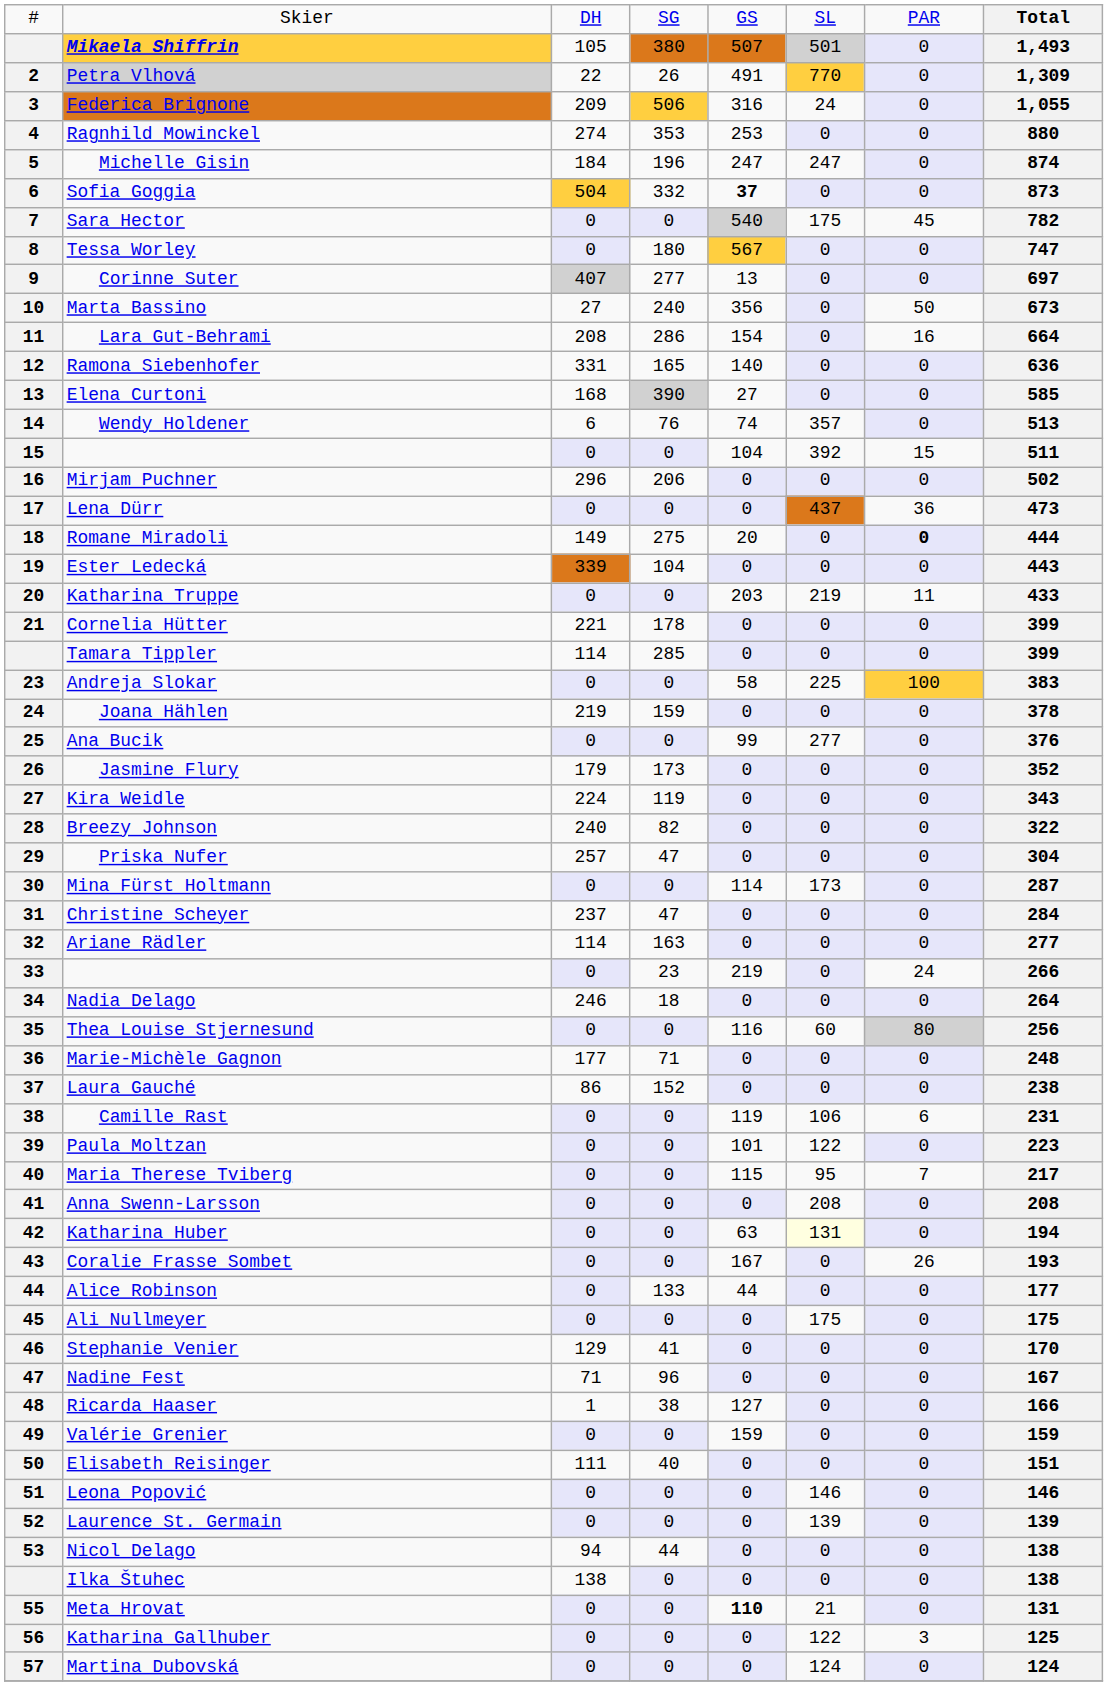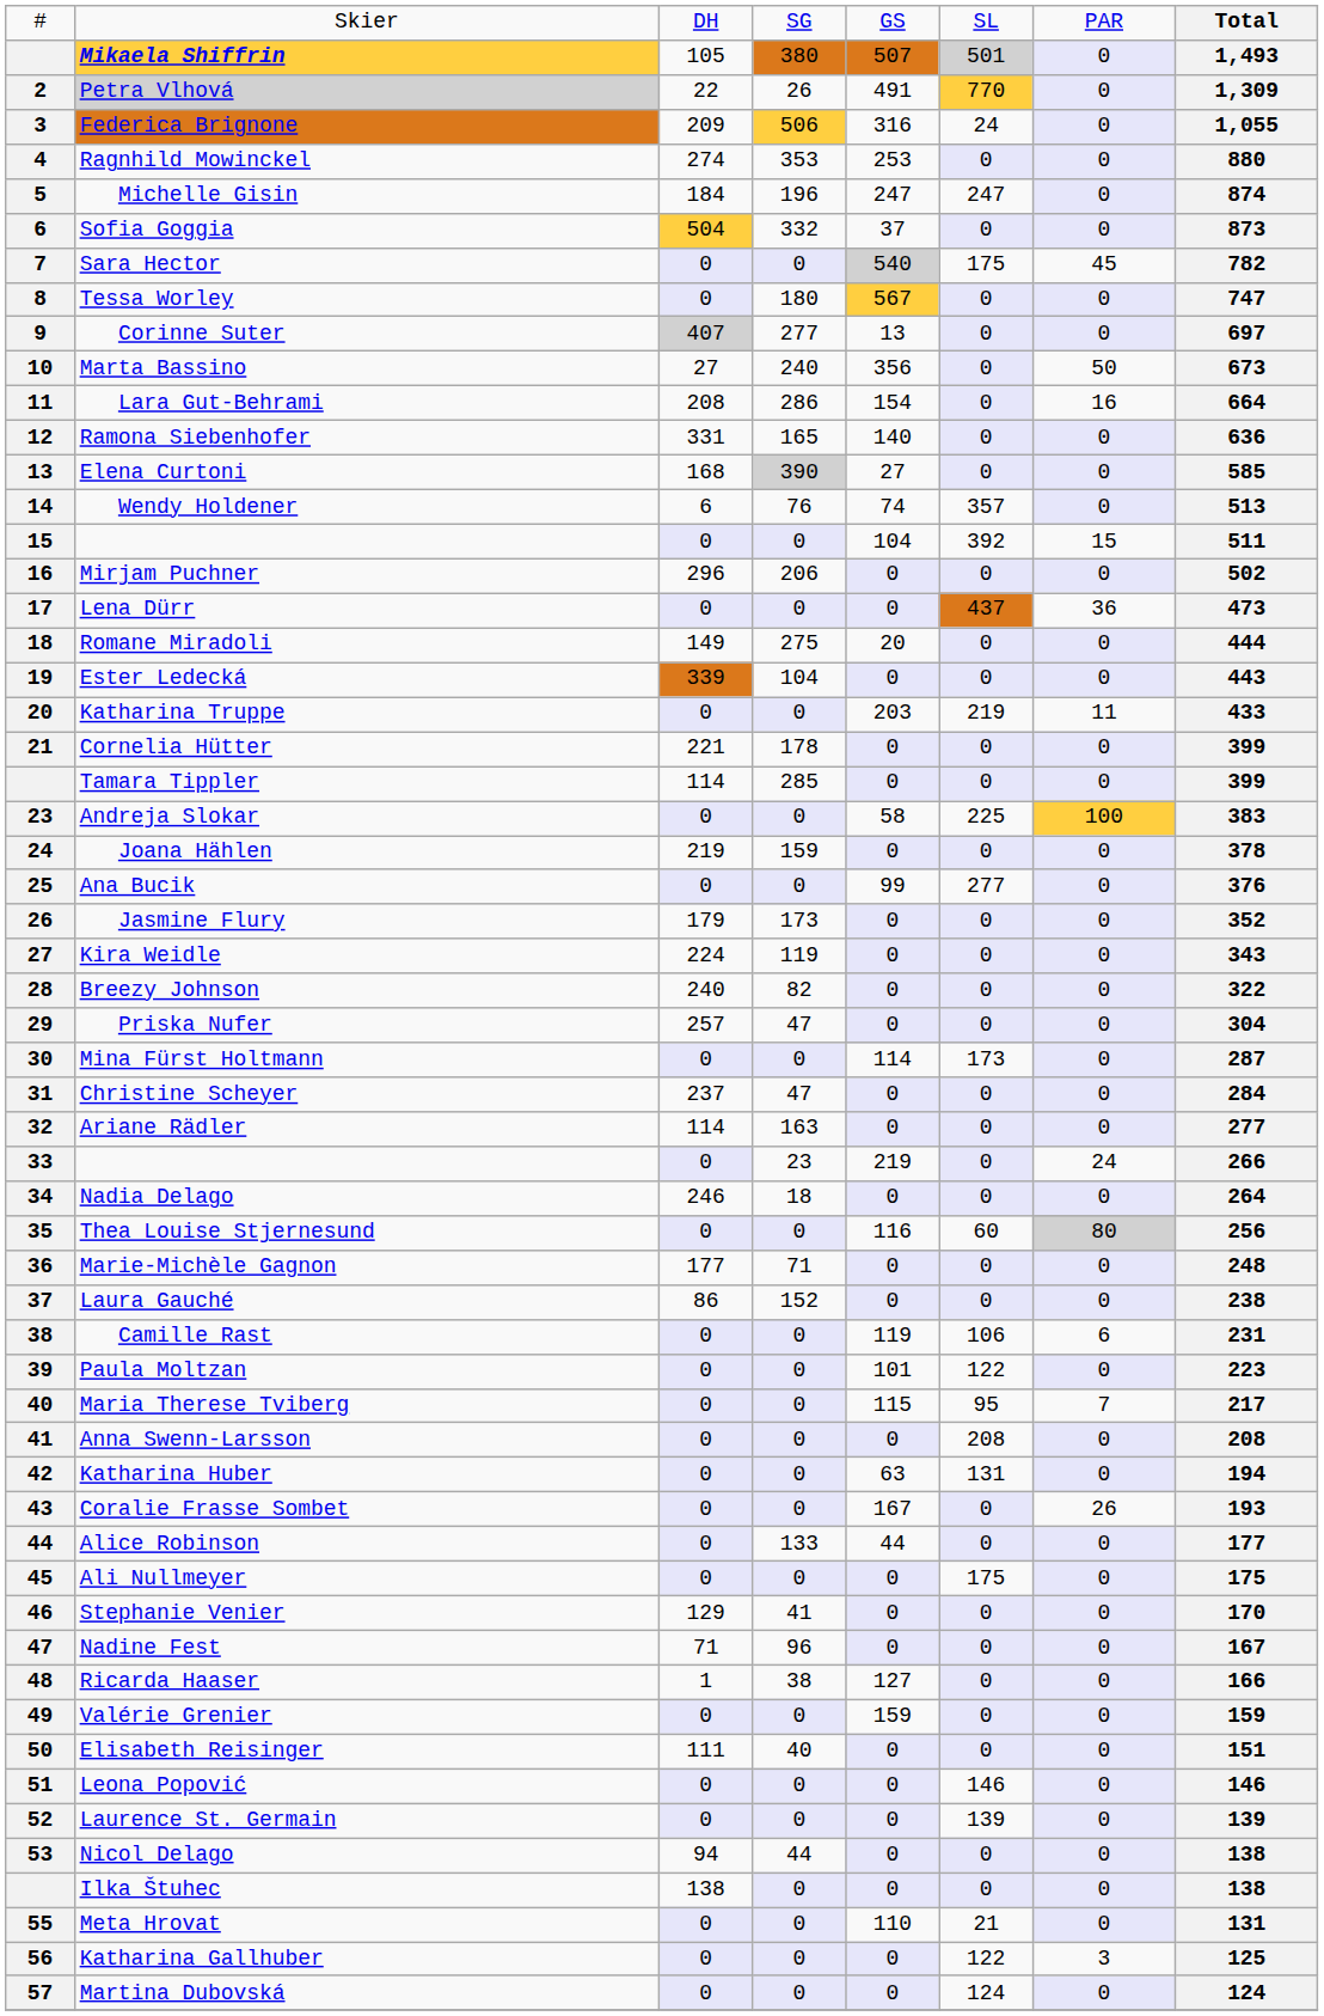 <table class="wikitable sortable" width=60% style="font-size:95%; text-align:center;">
 <tr>
 <td>#</td>
 <td>Skier</td>
 <td><a href='#'>DH</a><br></td>
 <td><a href='#'>SG</a><br></td>
 <td><a href='#'>GS</a><br></td>
 <td><a href='#'>SL</a><br></td>
 <td> <a href='#'>PAR</a> <br></td>
 <th>Total</th>
 </tr>
 <tr>
 <th></th>
 <td align=left bgcolor=ffcf40> <strong><em><a href='#'>Mikaela Shiffrin</a></em></strong></td>
 <td>105</td>
 <td bgcolor=db781b>380</td>
 <td bgcolor=db781b>507</td>
 <td bgcolor=d1d1d1>501</td>
 <td bgcolor=lavender>0</td>
 <th>1,493</th>
 </tr>
 <tr>
 <th>2</th>
 <td align=left bgcolor=d1d1d1> <a href='#'>Petra Vlhová</a></td>
 <td>22</td>
 <td>26</td>
 <td>491</td>
 <td bgcolor=ffcf40>770</td>
 <td bgcolor=lavender>0</td>
 <th>1,309</th>
 </tr>
 <tr>
 <th>3</th>
 <td align=left bgcolor=db781b> <a href='#'>Federica Brignone</a></td>
 <td>209</td>
 <td bgcolor=ffcf40>506</td>
 <td>316</td>
 <td>24</td>
 <td bgcolor=lavender>0</td>
 <th>1,055</th>
 </tr>
 <tr>
 <th>4</th>
 <td align=left> <a href='#'>Ragnhild Mowinckel</a></td>
 <td>274</td>
 <td>353</td>
 <td>253</td>
 <td bgcolor=lavender>0</td>
 <td bgcolor=lavender>0</td>
 <th>880</th>
 </tr>
 <tr>
 <th>5</th>
 <td align=left>   <a href='#'>Michelle Gisin</a></td>
 <td>184</td>
 <td>196</td>
 <td>247</td>
 <td>247</td>
 <td bgcolor=lavender>0</td>
 <th>874</th>
 </tr>
 <tr>
 <th>6</th>
 <td align=left> <a href='#'>Sofia Goggia</a></td>
 <td bgcolor=ffcf40>504</td>
 <td>332</td>
-<td><strong>37</strong></td>
+<td>37</td>
 <td bgcolor=lavender>0</td>
 <td bgcolor=lavender>0</td>
 <th>873</th>
 </tr>
 <tr>
 <th>7</th>
 <td align=left> <a href='#'>Sara Hector</a></td>
 <td bgcolor=lavender>0</td>
 <td bgcolor=lavender>0</td>
 <td bgcolor=d1d1d1>540</td>
 <td>175</td>
 <td>45</td>
 <th>782</th>
 </tr>
 <tr>
 <th>8</th>
 <td align=left> <a href='#'>Tessa Worley</a></td>
 <td bgcolor=lavender>0</td>
 <td>180</td>
 <td bgcolor=ffcf40>567</td>
 <td bgcolor=lavender>0</td>
 <td bgcolor=lavender>0</td>
 <th>747</th>
 </tr>
 <tr>
 <th>9</th>
 <td align=left>   <a href='#'>Corinne Suter</a></td>
 <td bgcolor=d1d1d1>407</td>
 <td>277</td>
 <td>13</td>
 <td bgcolor=lavender>0</td>
 <td bgcolor=lavender>0</td>
 <th>697</th>
 </tr>
 <tr>
 <th>10</th>
 <td align=left> <a href='#'>Marta Bassino</a></td>
 <td>27</td>
 <td>240</td>
 <td>356</td>
 <td bgcolor=lavender>0</td>
 <td>50</td>
 <th>673</th>
 </tr>
 <tr>
 <th>11</th>
 <td align=left>   <a href='#'>Lara Gut-Behrami</a></td>
 <td>208</td>
 <td>286</td>
 <td>154</td>
 <td bgcolor=lavender>0</td>
 <td>16</td>
 <th>664</th>
 </tr>
 <tr>
 <th>12</th>
 <td align=left> <a href='#'>Ramona Siebenhofer</a></td>
 <td>331</td>
 <td>165</td>
 <td>140</td>
 <td bgcolor=lavender>0</td>
 <td bgcolor=lavender>0</td>
 <th>636</th>
 </tr>
 <tr>
 <th>13</th>
 <td align=left> <a href='#'>Elena Curtoni</a></td>
 <td>168</td>
 <td bgcolor=d1d1d1>390</td>
 <td>27</td>
 <td bgcolor=lavender>0</td>
 <td bgcolor=lavender>0</td>
 <th>585</th>
 </tr>
 <tr>
 <th>14</th>
 <td align=left>   <a href='#'>Wendy Holdener</a></td>
 <td>6</td>
 <td>76</td>
 <td>74</td>
 <td>357</td>
 <td bgcolor=lavender>0</td>
 <th>513</th>
 </tr>
 <tr>
 <th>15</th>
 <td align=left></td>
 <td bgcolor=lavender>0</td>
 <td bgcolor=lavender>0</td>
 <td>104</td>
 <td>392</td>
 <td>15</td>
 <th>511</th>
 </tr>
 <tr>
 <th>16</th>
 <td align=left> <a href='#'>Mirjam Puchner</a></td>
 <td>296</td>
 <td>206</td>
 <td bgcolor=lavender>0</td>
 <td bgcolor=lavender>0</td>
 <td bgcolor=lavender>0</td>
 <th>502</th>
 </tr>
 <tr>
 <th>17</th>
 <td align=left> <a href='#'>Lena Dürr</a></td>
 <td bgcolor=lavender>0</td>
 <td bgcolor=lavender>0</td>
 <td bgcolor=lavender>0</td>
 <td bgcolor=db781b>437</td>
 <td>36</td>
 <th>473</th>
 </tr>
 <tr>
 <th>18</th>
 <td align=left> <a href='#'>Romane Miradoli</a></td>
 <td>149</td>
 <td>275</td>
 <td>20</td>
 <td bgcolor=lavender>0</td>
-<td bgcolor=lavender><strong>0</strong></td>
+<td bgcolor=lavender>0</td>
 <th>444</th>
 </tr>
 <tr>
 <th>19</th>
 <td align=left> <a href='#'>Ester Ledecká</a></td>
 <td bgcolor=db781b>339</td>
 <td>104</td>
 <td bgcolor=lavender>0</td>
 <td bgcolor=lavender>0</td>
 <td bgcolor=lavender>0</td>
 <th>443</th>
 </tr>
 <tr>
 <th>20</th>
 <td align=left> <a href='#'>Katharina Truppe</a></td>
 <td bgcolor=lavender>0</td>
 <td bgcolor=lavender>0</td>
 <td>203</td>
 <td>219</td>
 <td>11</td>
 <th>433</th>
 </tr>
 <tr>
 <th>21</th>
 <td align=left> <a href='#'>Cornelia Hütter</a></td>
 <td>221</td>
 <td>178</td>
 <td bgcolor=lavender>0</td>
 <td bgcolor=lavender>0</td>
 <td bgcolor=lavender>0</td>
 <th>399</th>
 </tr>
 <tr>
 <th></th>
 <td align=left> <a href='#'>Tamara Tippler</a></td>
 <td>114</td>
 <td>285</td>
 <td bgcolor=lavender>0</td>
 <td bgcolor=lavender>0</td>
 <td bgcolor=lavender>0</td>
 <th>399</th>
 </tr>
 <tr>
 <th>23</th>
 <td align=left> <a href='#'>Andreja Slokar</a></td>
 <td bgcolor=lavender>0</td>
 <td bgcolor=lavender>0</td>
 <td>58</td>
 <td>225</td>
 <td bgcolor=ffcf40>100</td>
 <th>383</th>
 </tr>
 <tr>
 <th>24</th>
 <td align=left>   <a href='#'>Joana Hählen</a></td>
 <td>219</td>
 <td>159</td>
 <td bgcolor=lavender>0</td>
 <td bgcolor=lavender>0</td>
 <td bgcolor=lavender>0</td>
 <th>378</th>
 </tr>
 <tr>
 <th>25</th>
 <td align=left> <a href='#'>Ana Bucik</a></td>
 <td bgcolor=lavender>0</td>
 <td bgcolor=lavender>0</td>
 <td>99</td>
 <td>277</td>
 <td bgcolor=lavender>0</td>
 <th>376</th>
 </tr>
 <tr>
 <th>26</th>
 <td align=left>   <a href='#'>Jasmine Flury</a></td>
 <td>179</td>
 <td>173</td>
 <td bgcolor=lavender>0</td>
 <td bgcolor=lavender>0</td>
 <td bgcolor=lavender>0</td>
 <th>352</th>
 </tr>
 <tr>
 <th>27</th>
 <td align=left> <a href='#'>Kira Weidle</a></td>
 <td>224</td>
 <td>119</td>
 <td bgcolor=lavender>0</td>
 <td bgcolor=lavender>0</td>
 <td bgcolor=lavender>0</td>
 <th>343</th>
 </tr>
 <tr>
 <th>28</th>
 <td align=left> <a href='#'>Breezy Johnson</a></td>
 <td>240</td>
 <td>82</td>
 <td bgcolor=lavender>0</td>
 <td bgcolor=lavender>0</td>
 <td bgcolor=lavender>0</td>
 <th>322</th>
 </tr>
 <tr>
 <th>29</th>
 <td align=left>   <a href='#'>Priska Nufer</a></td>
 <td>257</td>
 <td>47</td>
 <td bgcolor=lavender>0</td>
 <td bgcolor=lavender>0</td>
 <td bgcolor=lavender>0</td>
 <th>304</th>
 </tr>
 <tr>
 <th>30</th>
 <td align=left> <a href='#'>Mina Fürst Holtmann</a></td>
 <td bgcolor=lavender>0</td>
 <td bgcolor=lavender>0</td>
 <td>114</td>
 <td>173</td>
 <td bgcolor=lavender>0</td>
 <th>287</th>
 </tr>
 <tr>
 <th>31</th>
 <td align=left> <a href='#'>Christine Scheyer</a></td>
 <td>237</td>
 <td>47</td>
 <td bgcolor=lavender>0</td>
 <td bgcolor=lavender>0</td>
 <td bgcolor=lavender>0</td>
 <th>284</th>
 </tr>
 <tr>
 <th>32</th>
 <td align=left> <a href='#'>Ariane Rädler</a></td>
 <td>114</td>
 <td>163</td>
 <td bgcolor=lavender>0</td>
 <td bgcolor=lavender>0</td>
 <td bgcolor=lavender>0</td>
 <th>277</th>
 </tr>
 <tr>
 <th>33</th>
 <td align=left></td>
 <td bgcolor=lavender>0</td>
 <td>23</td>
 <td>219</td>
 <td bgcolor=lavender>0</td>
 <td>24</td>
 <th>266</th>
 </tr>
 <tr>
 <th>34</th>
 <td align=left> <a href='#'>Nadia Delago</a></td>
 <td>246</td>
 <td>18</td>
 <td bgcolor=lavender>0</td>
 <td bgcolor=lavender>0</td>
 <td bgcolor=lavender>0</td>
 <th>264</th>
 </tr>
 <tr>
 <th>35</th>
 <td align=left> <a href='#'>Thea Louise Stjernesund</a></td>
 <td bgcolor=lavender>0</td>
 <td bgcolor=lavender>0</td>
 <td>116</td>
 <td>60</td>
 <td bgcolor=d1d1d1>80</td>
 <th>256</th>
 </tr>
 <tr>
 <th>36</th>
 <td align=left> <a href='#'>Marie-Michèle Gagnon</a></td>
 <td>177</td>
 <td>71</td>
 <td bgcolor=lavender>0</td>
 <td bgcolor=lavender>0</td>
 <td bgcolor=lavender>0</td>
 <th>248</th>
 </tr>
 <tr>
 <th>37</th>
 <td align=left> <a href='#'>Laura Gauché</a></td>
 <td>86</td>
 <td>152</td>
 <td bgcolor=lavender>0</td>
 <td bgcolor=lavender>0</td>
 <td bgcolor=lavender>0</td>
 <th>238</th>
 </tr>
 <tr>
 <th>38</th>
 <td align=left>   <a href='#'>Camille Rast</a></td>
 <td bgcolor=lavender>0</td>
 <td bgcolor=lavender>0</td>
 <td>119</td>
 <td>106</td>
 <td>6</td>
 <th>231</th>
 </tr>
 <tr>
 <th>39</th>
 <td align=left> <a href='#'>Paula Moltzan</a></td>
 <td bgcolor=lavender>0</td>
 <td bgcolor=lavender>0</td>
 <td>101</td>
 <td>122</td>
 <td bgcolor=lavender>0</td>
 <th>223</th>
 </tr>
 <tr>
 <th>40</th>
 <td align=left> <a href='#'>Maria Therese Tviberg</a></td>
 <td bgcolor=lavender>0</td>
 <td bgcolor=lavender>0</td>
 <td>115</td>
 <td>95</td>
 <td>7</td>
 <th>217</th>
 </tr>
 <tr>
 <th>41</th>
 <td align=left> <a href='#'>Anna Swenn-Larsson</a></td>
 <td bgcolor=lavender>0</td>
 <td bgcolor=lavender>0</td>
 <td bgcolor=lavender>0</td>
 <td>208</td>
 <td bgcolor=lavender>0</td>
 <th>208</th>
 </tr>
 <tr>
 <th>42</th>
 <td align=left> <a href='#'>Katharina Huber</a></td>
 <td bgcolor=lavender>0</td>
 <td bgcolor=lavender>0</td>
 <td>63</td>
-<td style="background: lightyellow;">131</td>
+<td>131</td>
 <td bgcolor=lavender>0</td>
 <th>194</th>
 </tr>
 <tr>
 <th>43</th>
 <td align=left> <a href='#'>Coralie Frasse Sombet</a></td>
 <td bgcolor=lavender>0</td>
 <td bgcolor=lavender>0</td>
 <td>167</td>
 <td bgcolor=lavender>0</td>
 <td>26</td>
 <th>193</th>
 </tr>
 <tr>
 <th>44</th>
 <td align=left> <a href='#'>Alice Robinson</a></td>
 <td bgcolor=lavender>0</td>
 <td>133</td>
 <td>44</td>
 <td bgcolor=lavender>0</td>
 <td bgcolor=lavender>0</td>
 <th>177</th>
 </tr>
 <tr>
 <th>45</th>
 <td align=left> <a href='#'>Ali Nullmeyer</a></td>
 <td bgcolor=lavender>0</td>
 <td bgcolor=lavender>0</td>
 <td bgcolor=lavender>0</td>
 <td>175</td>
 <td bgcolor=lavender>0</td>
 <th>175</th>
 </tr>
 <tr>
 <th>46</th>
 <td align=left> <a href='#'>Stephanie Venier</a></td>
 <td>129</td>
 <td>41</td>
 <td bgcolor=lavender>0</td>
 <td bgcolor=lavender>0</td>
 <td bgcolor=lavender>0</td>
 <th>170</th>
 </tr>
 <tr>
 <th>47</th>
 <td align=left> <a href='#'>Nadine Fest</a></td>
 <td>71</td>
 <td>96</td>
 <td bgcolor=lavender>0</td>
 <td bgcolor=lavender>0</td>
 <td bgcolor=lavender>0</td>
 <th>167</th>
 </tr>
 <tr>
 <th>48</th>
 <td align=left> <a href='#'>Ricarda Haaser</a></td>
 <td>1</td>
 <td>38</td>
 <td>127</td>
 <td bgcolor=lavender>0</td>
 <td bgcolor=lavender>0</td>
 <th>166</th>
 </tr>
 <tr>
 <th>49</th>
 <td align=left> <a href='#'>Valérie Grenier</a></td>
 <td bgcolor=lavender>0</td>
 <td bgcolor=lavender>0</td>
 <td>159</td>
 <td bgcolor=lavender>0</td>
 <td bgcolor=lavender>0</td>
 <th>159</th>
 </tr>
 <tr>
 <th>50</th>
 <td align=left> <a href='#'>Elisabeth Reisinger</a></td>
 <td>111</td>
 <td>40</td>
 <td bgcolor=lavender>0</td>
 <td bgcolor=lavender>0</td>
 <td bgcolor=lavender>0</td>
 <th>151</th>
 </tr>
 <tr>
 <th>51</th>
 <td align=left> <a href='#'>Leona Popović</a></td>
 <td bgcolor=lavender>0</td>
 <td bgcolor=lavender>0</td>
 <td bgcolor=lavender>0</td>
 <td>146</td>
 <td bgcolor=lavender>0</td>
 <th>146</th>
 </tr>
 <tr>
 <th>52</th>
 <td align=left> <a href='#'>Laurence St. Germain</a></td>
 <td bgcolor=lavender>0</td>
 <td bgcolor=lavender>0</td>
 <td bgcolor=lavender>0</td>
 <td>139</td>
 <td bgcolor=lavender>0</td>
 <th>139</th>
 </tr>
 <tr>
 <th>53</th>
 <td align=left> <a href='#'>Nicol Delago</a></td>
 <td>94</td>
 <td>44</td>
 <td bgcolor=lavender>0</td>
 <td bgcolor=lavender>0</td>
 <td bgcolor=lavender>0</td>
 <th>138</th>
 </tr>
 <tr>
 <th></th>
 <td align=left> <a href='#'>Ilka Štuhec</a></td>
 <td>138</td>
 <td bgcolor=lavender>0</td>
 <td bgcolor=lavender>0</td>
 <td bgcolor=lavender>0</td>
 <td bgcolor=lavender>0</td>
 <th>138</th>
 </tr>
 <tr>
 <th>55</th>
 <td align=left> <a href='#'>Meta Hrovat</a></td>
 <td bgcolor=lavender>0</td>
 <td bgcolor=lavender>0</td>
-<td><strong>110</strong></td>
+<td>110</td>
 <td>21</td>
 <td bgcolor=lavender>0</td>
 <th>131</th>
 </tr>
 <tr>
 <th>56</th>
 <td align=left> <a href='#'>Katharina Gallhuber</a></td>
 <td bgcolor=lavender>0</td>
 <td bgcolor=lavender>0</td>
 <td bgcolor=lavender>0</td>
 <td>122</td>
 <td>3</td>
 <th>125</th>
 </tr>
 <tr>
 <th>57</th>
 <td align=left> <a href='#'>Martina Dubovská</a></td>
 <td bgcolor=lavender>0</td>
 <td bgcolor=lavender>0</td>
 <td bgcolor=lavender>0</td>
 <td>124</td>
 <td bgcolor=lavender>0</td>
 <th>124</th>
 </tr>
 <tr>
 </tr>
 </table>
